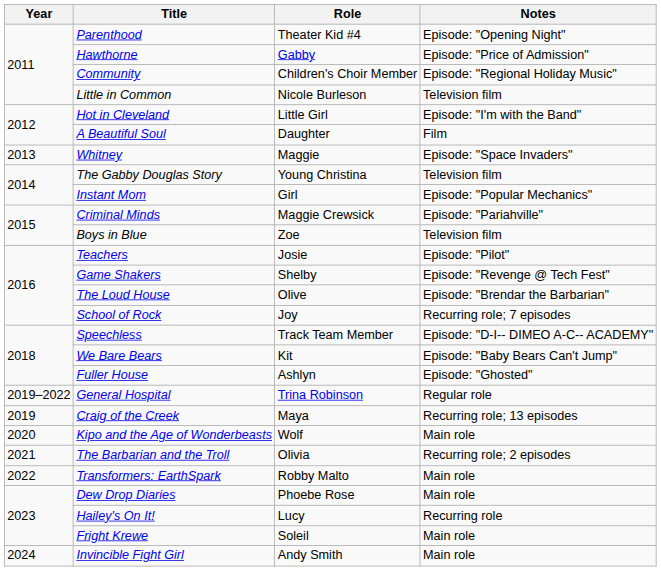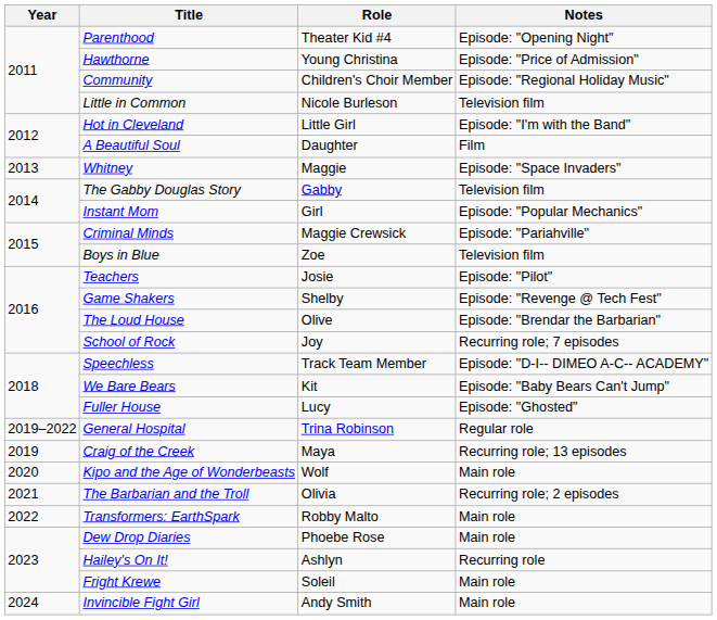 <table class="wikitable sortable">
 <tr>
 <th>Year</th>
 <th>Title</th>
 <th>Role</th>
 <th class="unsortable">Notes</th>
 </tr>
 <tr>
 <td rowspan="4">2011</td>
 <td><em><a href='#'>Parenthood</a></em></td>
 <td>Theater Kid #4</td>
 <td>Episode: "Opening Night"</td>
 </tr>
 <tr>
 <td><em><a href='#'>Hawthorne</a></em></td>
-<td><a href='#'>Gabby</a> </td>
+<td>Young Christina</td>
 <td>Episode: "Price of Admission"</td>
 </tr>
 <tr>
 <td><em><a href='#'>Community</a></em></td>
 <td>Children's Choir Member</td>
 <td>Episode: "Regional Holiday Music"</td>
 </tr>
 <tr>
 <td><em>Little in Common</em></td>
 <td>Nicole Burleson</td>
 <td>Television film</td>
 </tr>
 <tr>
 <td rowspan="2">2012</td>
 <td><em><a href='#'>Hot in Cleveland</a></em></td>
 <td>Little Girl</td>
 <td>Episode: "I'm with the Band"</td>
 </tr>
 <tr>
 <td><em><a href='#'>A Beautiful Soul</a></em></td>
 <td>Daughter</td>
 <td>Film</td>
 </tr>
 <tr>
 <td>2013</td>
 <td><em><a href='#'>Whitney</a></em></td>
 <td>Maggie</td>
 <td>Episode: "Space Invaders"</td>
 </tr>
 <tr>
 <td rowspan="2">2014</td>
 <td><em>The Gabby Douglas Story</em></td>
-<td>Young Christina</td>
+<td><a href='#'>Gabby</a> </td>
 <td>Television film</td>
 </tr>
 <tr>
 <td><em><a href='#'>Instant Mom</a></em></td>
 <td>Girl</td>
 <td>Episode: "Popular Mechanics"</td>
 </tr>
 <tr>
 <td rowspan="2">2015</td>
 <td><em><a href='#'>Criminal Minds</a></em></td>
 <td>Maggie Crewsick</td>
 <td>Episode: "Pariahville"</td>
 </tr>
 <tr>
 <td><em>Boys in Blue</em></td>
 <td>Zoe</td>
 <td>Television film</td>
 </tr>
 <tr>
 <td rowspan="4">2016</td>
 <td><em><a href='#'>Teachers</a></em></td>
 <td>Josie</td>
 <td>Episode: "Pilot"</td>
 </tr>
 <tr>
 <td><em><a href='#'>Game Shakers</a></em></td>
 <td>Shelby</td>
 <td>Episode: "Revenge @ Tech Fest"</td>
 </tr>
 <tr>
 <td><em><a href='#'>The Loud House</a></em></td>
 <td>Olive</td>
 <td>Episode: "Brendar the Barbarian"</td>
 </tr>
 <tr>
 <td><em><a href='#'>School of Rock</a></em></td>
 <td>Joy </td>
 <td>Recurring role; 7 episodes</td>
 </tr>
 <tr>
 <td rowspan="3">2018</td>
 <td><em><a href='#'>Speechless</a></em></td>
 <td>Track Team Member</td>
 <td>Episode: "D-I-- DIMEO A-C-- ACADEMY"</td>
 </tr>
 <tr>
 <td><em><a href='#'>We Bare Bears</a></em></td>
 <td>Kit </td>
 <td>Episode: "Baby Bears Can't Jump"</td>
 </tr>
 <tr>
 <td><em><a href='#'>Fuller House</a></em></td>
-<td>Ashlyn</td>
+<td>Lucy </td>
 <td>Episode: "Ghosted"</td>
 </tr>
 <tr>
 <td>2019–2022</td>
 <td><em><a href='#'>General Hospital</a></em></td>
 <td><a href='#'>Trina Robinson</a></td>
 <td>Regular role</td>
 </tr>
 <tr>
 <td>2019</td>
 <td><em><a href='#'>Craig of the Creek</a></em></td>
 <td>Maya </td>
 <td>Recurring role; 13 episodes</td>
 </tr>
 <tr>
 <td>2020</td>
 <td><em><a href='#'>Kipo and the Age of Wonderbeasts</a></em></td>
 <td>Wolf </td>
 <td>Main role</td>
 </tr>
 <tr>
 <td>2021</td>
 <td><em><a href='#'>The Barbarian and the Troll</a></em></td>
 <td>Olivia </td>
 <td>Recurring role; 2 episodes</td>
 </tr>
 <tr>
 <td>2022</td>
 <td><em><a href='#'>Transformers: EarthSpark</a></em></td>
 <td>Robby Malto </td>
 <td>Main role</td>
 </tr>
 <tr>
 <td rowspan="3">2023</td>
 <td><em><a href='#'>Dew Drop Diaries</a></em></td>
 <td>Phoebe Rose </td>
 <td>Main role</td>
 </tr>
 <tr>
 <td><em><a href='#'>Hailey's On It!</a></em></td>
-<td>Lucy </td>
+<td>Ashlyn</td>
 <td>Recurring role</td>
 </tr>
 <tr>
 <td><em><a href='#'>Fright Krewe</a></em></td>
 <td>Soleil </td>
 <td>Main role</td>
 </tr>
 <tr>
 <td>2024</td>
 <td><em><a href='#'>Invincible Fight Girl</a></em></td>
 <td>Andy Smith </td>
 <td>Main role</td>
 </tr>
 </table>
